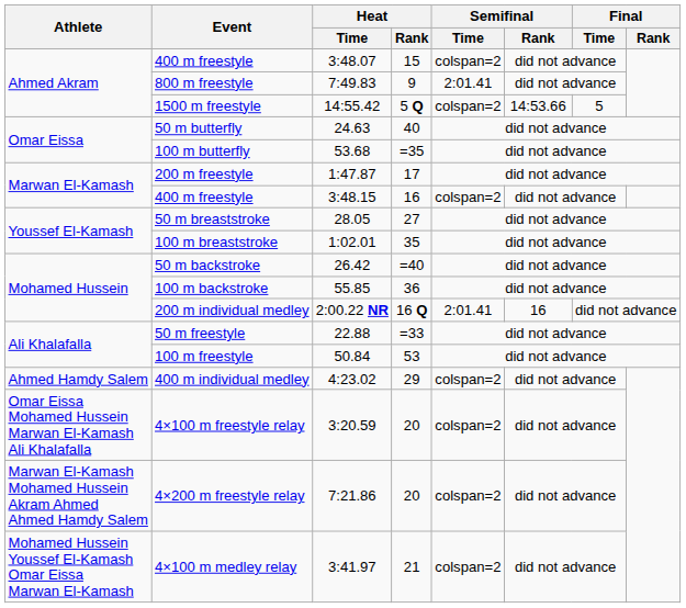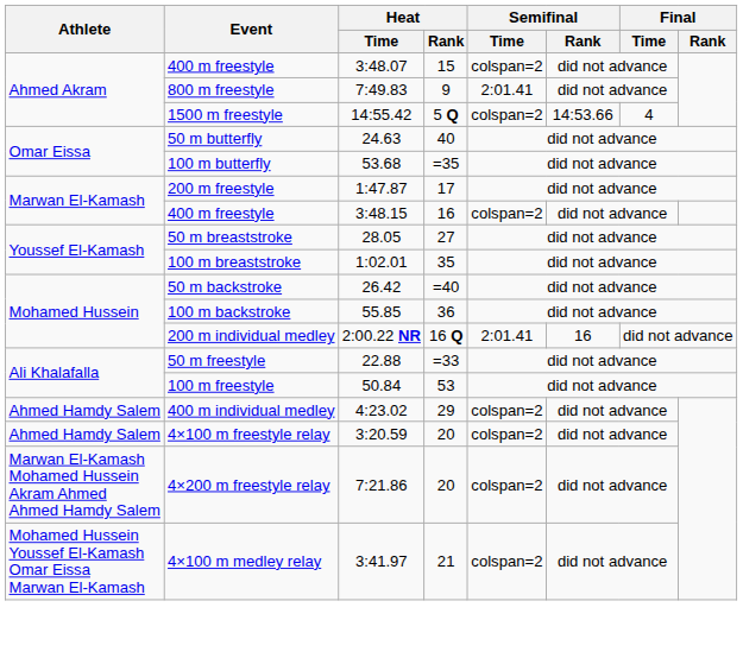 <table class=wikitable style="font-size:90%">
 <tr>
 <th rowspan="2">Athlete</th>
 <th rowspan="2">Event</th>
 <th colspan="2">Heat</th>
 <th colspan="2">Semifinal</th>
 <th colspan="2">Final</th>
 </tr>
 <tr style="font-size:95%">
 <th>Time</th>
 <th>Rank</th>
 <th>Time</th>
 <th>Rank</th>
 <th>Time</th>
 <th>Rank</th>
 </tr>
 <tr align=center>
 <td align=left rowspan=3><a href='#'>Ahmed Akram</a></td>
 <td align=left><a href='#'>400 m freestyle</a></td>
 <td>3:48.07</td>
 <td>15</td>
 <td>colspan=2 </td>
 <td colspan=2>did not advance</td>
 </tr>
 <tr align=center>
 <td align=left><a href='#'>800 m freestyle</a></td>
 <td>7:49.83</td>
 <td>9</td>
 <td>2:01.41</td>
 <td colspan=2>did not advance</td>
 </tr>
 <tr align=center>
 <td align=left><a href='#'>1500 m freestyle</a></td>
 <td>14:55.42</td>
 <td>5 <strong>Q</strong></td>
 <td>colspan=2 </td>
 <td>14:53.66</td>
-<td>5</td>
+<td>4</td>
 </tr>
 <tr align=center>
 <td align=left rowspan=2><a href='#'>Omar Eissa</a></td>
 <td align=left><a href='#'>50 m butterfly</a></td>
 <td>24.63</td>
 <td>40</td>
 <td colspan=4>did not advance</td>
 </tr>
 <tr align=center>
 <td align=left><a href='#'>100 m butterfly</a></td>
 <td>53.68</td>
 <td>=35</td>
 <td colspan=4>did not advance</td>
 </tr>
 <tr align=center>
 <td align=left rowspan=2><a href='#'>Marwan El-Kamash</a></td>
 <td align=left><a href='#'>200 m freestyle</a></td>
 <td>1:47.87</td>
 <td>17</td>
 <td colspan=4>did not advance</td>
 </tr>
 <tr align=center>
 <td align=left><a href='#'>400 m freestyle</a></td>
 <td>3:48.15</td>
 <td>16</td>
 <td>colspan=2 </td>
 <td colspan=2>did not advance</td>
 </tr>
 <tr align=center>
 <td align=left rowspan=2><a href='#'>Youssef El-Kamash</a></td>
 <td align=left><a href='#'>50 m breaststroke</a></td>
 <td>28.05</td>
 <td>27</td>
 <td colspan=4>did not advance</td>
 </tr>
 <tr align=center>
 <td align=left><a href='#'>100 m breaststroke</a></td>
 <td>1:02.01</td>
 <td>35</td>
 <td colspan=4>did not advance</td>
 </tr>
 <tr align=center>
 <td align=left rowspan=3><a href='#'>Mohamed Hussein</a></td>
 <td align=left><a href='#'>50 m backstroke</a></td>
 <td>26.42</td>
 <td>=40</td>
 <td colspan=4>did not advance</td>
 </tr>
 <tr align=center>
 <td align=left><a href='#'>100 m backstroke</a></td>
 <td>55.85</td>
 <td>36</td>
 <td colspan=4>did not advance</td>
 </tr>
 <tr align=center>
 <td align=left><a href='#'>200 m individual medley</a></td>
 <td>2:00.22 <strong><a href='#'>NR</a></strong></td>
 <td>16 <strong>Q</strong></td>
 <td>2:01.41</td>
 <td>16</td>
 <td colspan=2>did not advance</td>
 </tr>
 <tr align=center>
 <td align=left rowspan=2><a href='#'>Ali Khalafalla</a></td>
 <td align=left><a href='#'>50 m freestyle</a></td>
 <td>22.88</td>
 <td>=33</td>
 <td colspan=4>did not advance</td>
 </tr>
 <tr align=center>
 <td align=left><a href='#'>100 m freestyle</a></td>
 <td>50.84</td>
 <td>53</td>
 <td colspan=4>did not advance</td>
 </tr>
 <tr align=center>
 <td align=left><a href='#'>Ahmed Hamdy Salem</a></td>
 <td align=left><a href='#'>400 m individual medley</a></td>
 <td>4:23.02</td>
 <td>29</td>
 <td>colspan=2 </td>
 <td colspan=2>did not advance</td>
 </tr>
 <tr align=center>
-<td align=left><a href='#'>Omar Eissa</a><br><a href='#'>Mohamed Hussein</a><br><a href='#'>Marwan El-Kamash</a><br><a href='#'>Ali Khalafalla</a></td>
+<td align=left><a href='#'>Ahmed Hamdy Salem</a></td>
 <td align=left><a href='#'>4×100 m freestyle relay</a></td>
 <td>3:20.59</td>
 <td>20</td>
 <td>colspan=2 </td>
 <td colspan=2>did not advance</td>
 </tr>
 <tr align=center>
 <td align=left><a href='#'>Marwan El-Kamash</a><br><a href='#'>Mohamed Hussein</a><br><a href='#'>Akram Ahmed</a><br><a href='#'>Ahmed Hamdy Salem</a></td>
 <td align=left><a href='#'>4×200 m freestyle relay</a></td>
 <td>7:21.86</td>
 <td>20</td>
 <td>colspan=2 </td>
 <td colspan=2>did not advance</td>
 </tr>
 <tr align=center>
 <td align=left><a href='#'>Mohamed Hussein</a><br><a href='#'>Youssef El-Kamash</a><br><a href='#'>Omar Eissa</a><br><a href='#'>Marwan El-Kamash</a></td>
 <td align=left><a href='#'>4×100 m medley relay</a></td>
 <td>3:41.97</td>
 <td>21</td>
 <td>colspan=2 </td>
 <td colspan=2>did not advance</td>
 </tr>
 </table>
